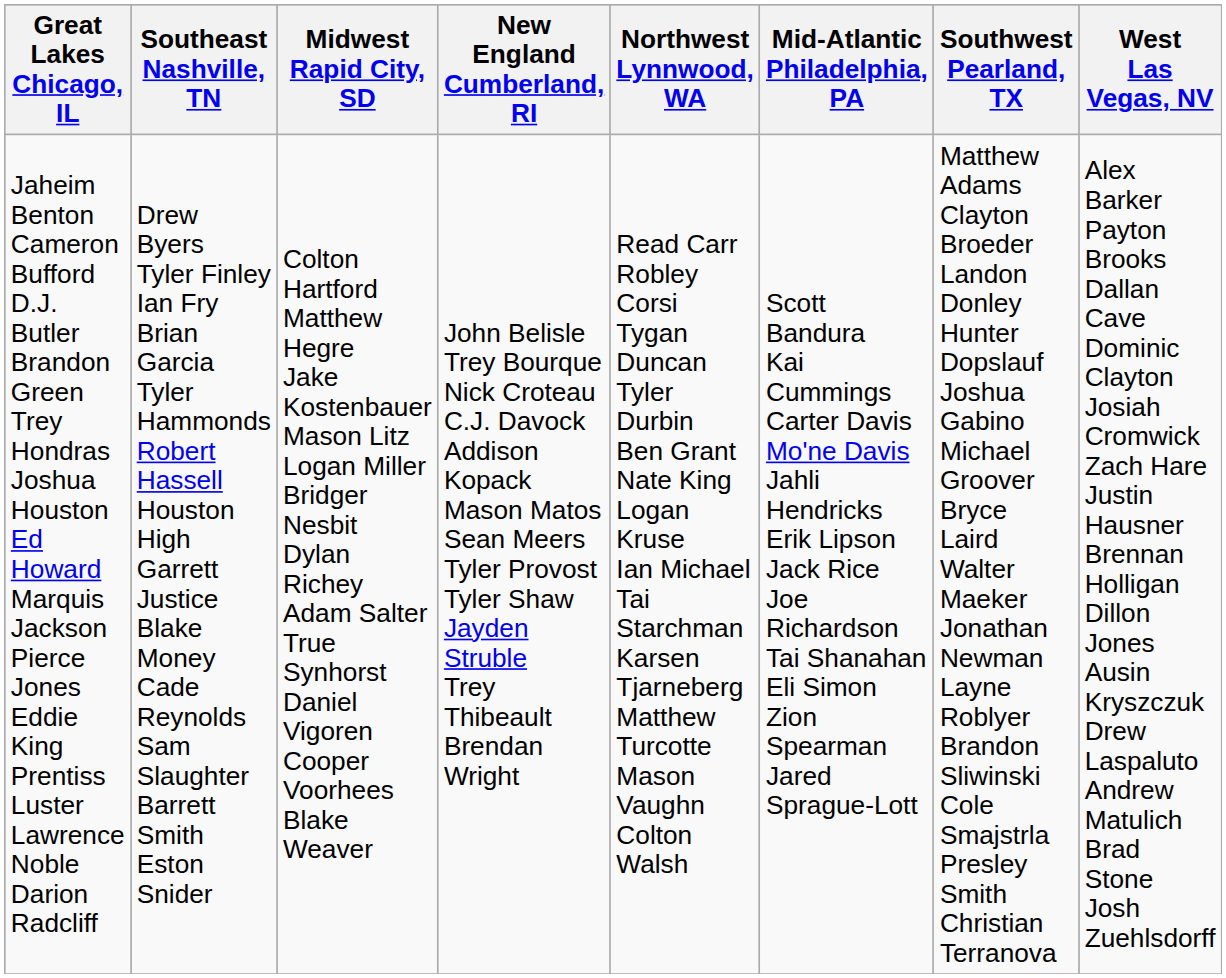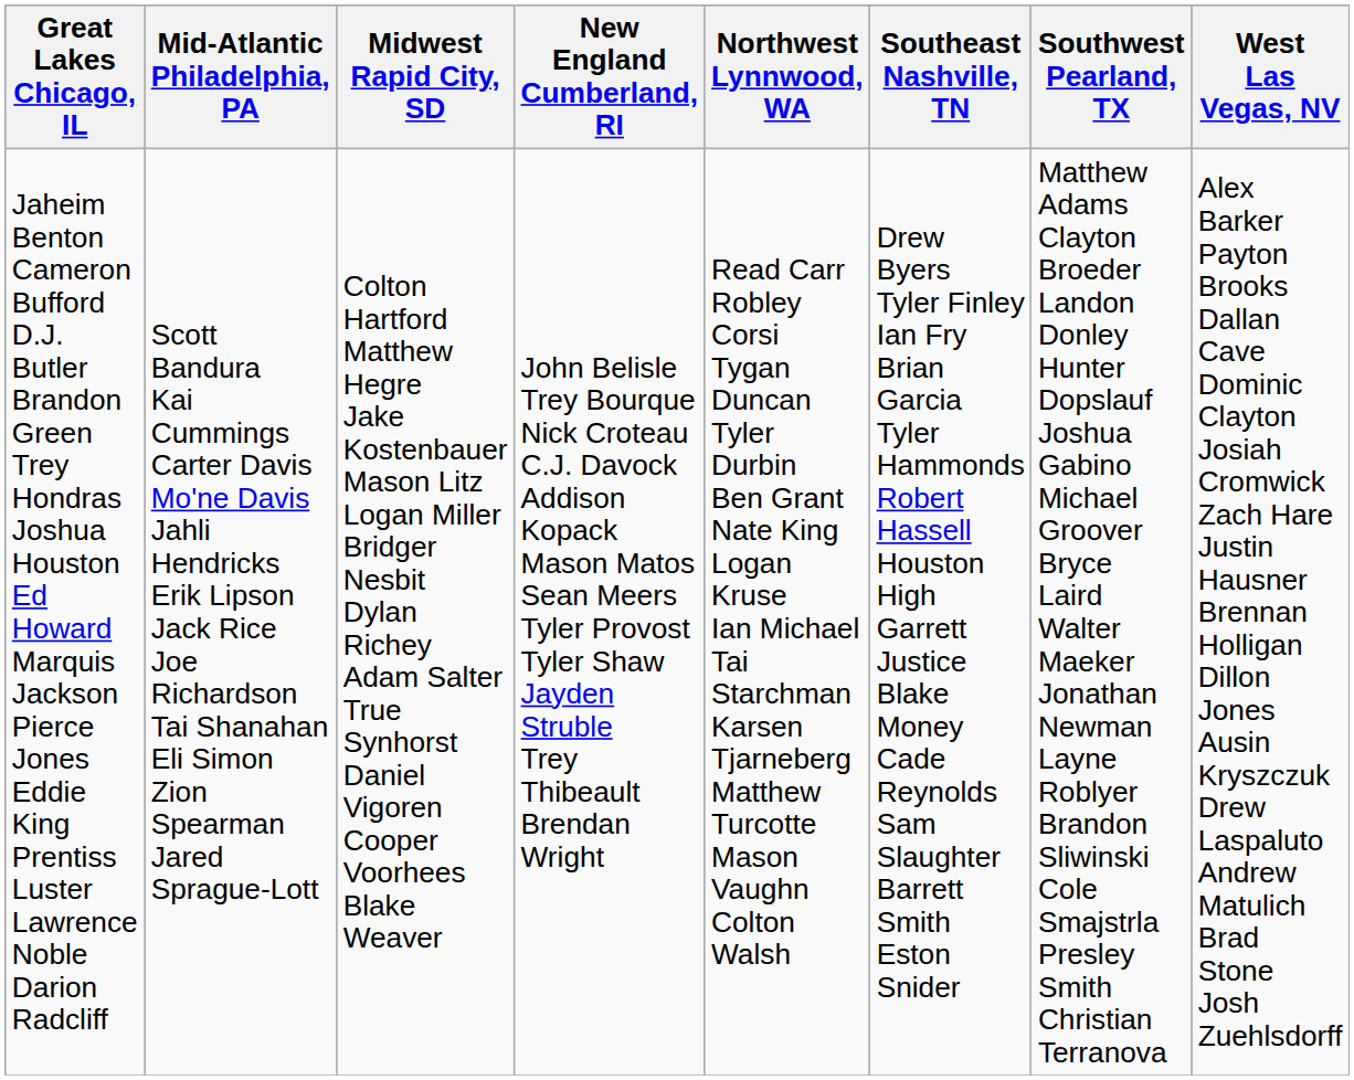 <table class="wikitable">
 <tr>
 <th>Great Lakes<br> <a href='#'>Chicago, IL</a></th>
-<th>Southeast<br> <a href='#'>Nashville, TN</a></th>
+<th>Mid-Atlantic<br> <a href='#'>Philadelphia, PA</a></th>
 <th>Midwest<br> <a href='#'>Rapid City, SD</a></th>
 <th>New England<br> <a href='#'>Cumberland, RI</a></th>
 <th>Northwest<br> <a href='#'>Lynnwood, WA</a></th>
-<th>Mid-Atlantic<br> <a href='#'>Philadelphia, PA</a></th>
+<th>Southeast<br> <a href='#'>Nashville, TN</a></th>
 <th>Southwest<br> <a href='#'>Pearland, TX</a></th>
 <th>West<br> <a href='#'>Las Vegas, NV</a></th>
 </tr>
 <tr>
 <td>Jaheim Benton<br>Cameron Bufford<br>D.J. Butler<br>Brandon Green<br>Trey Hondras<br>Joshua Houston<br><a href='#'>Ed Howard</a><br>Marquis Jackson<br>Pierce Jones<br>Eddie King<br>Prentiss Luster<br>Lawrence Noble<br>Darion Radcliff</td>
-<td>Drew Byers<br>Tyler Finley<br>Ian Fry<br>Brian Garcia<br>Tyler Hammonds<br><a href='#'>Robert Hassell</a><br>Houston High<br>Garrett Justice<br>Blake Money<br>Cade Reynolds<br>Sam Slaughter<br>Barrett Smith<br>Eston Snider</td>
+<td>Scott Bandura<br>Kai Cummings<br>Carter Davis<br><a href='#'>Mo'ne Davis</a><br>Jahli Hendricks<br>Erik Lipson<br>Jack Rice<br>Joe Richardson<br>Tai Shanahan<br>Eli Simon<br>Zion Spearman<br>Jared Sprague-Lott</td>
 <td>Colton Hartford<br>Matthew Hegre<br>Jake Kostenbauer<br>Mason Litz<br>Logan Miller<br>Bridger Nesbit<br>Dylan Richey<br>Adam Salter<br>True Synhorst<br>Daniel Vigoren<br>Cooper Voorhees<br>Blake Weaver</td>
 <td>John Belisle<br>Trey Bourque<br>Nick Croteau<br>C.J. Davock<br>Addison Kopack<br>Mason Matos<br>Sean Meers<br>Tyler Provost<br>Tyler Shaw<br><a href='#'>Jayden Struble</a><br>Trey Thibeault<br>Brendan Wright</td>
 <td>Read Carr<br>Robley Corsi<br>Tygan Duncan<br>Tyler Durbin<br>Ben Grant<br>Nate King<br>Logan Kruse<br>Ian Michael<br>Tai Starchman<br>Karsen Tjarneberg<br>Matthew Turcotte<br>Mason Vaughn<br>Colton Walsh</td>
-<td>Scott Bandura<br>Kai Cummings<br>Carter Davis<br><a href='#'>Mo'ne Davis</a><br>Jahli Hendricks<br>Erik Lipson<br>Jack Rice<br>Joe Richardson<br>Tai Shanahan<br>Eli Simon<br>Zion Spearman<br>Jared Sprague-Lott</td>
+<td>Drew Byers<br>Tyler Finley<br>Ian Fry<br>Brian Garcia<br>Tyler Hammonds<br><a href='#'>Robert Hassell</a><br>Houston High<br>Garrett Justice<br>Blake Money<br>Cade Reynolds<br>Sam Slaughter<br>Barrett Smith<br>Eston Snider</td>
 <td>Matthew Adams<br>Clayton Broeder<br>Landon Donley<br>Hunter Dopslauf<br>Joshua Gabino<br>Michael Groover<br>Bryce Laird<br>Walter Maeker<br>Jonathan Newman<br>Layne Roblyer<br>Brandon Sliwinski<br>Cole Smajstrla<br>Presley Smith<br>Christian Terranova</td>
 <td>Alex Barker<br>Payton Brooks<br>Dallan Cave<br>Dominic Clayton<br>Josiah Cromwick<br>Zach Hare<br>Justin Hausner<br>Brennan Holligan<br>Dillon Jones<br>Ausin Kryszczuk<br>Drew Laspaluto<br>Andrew Matulich<br>Brad Stone<br>Josh Zuehlsdorff</td>
 </tr>
 </table>
